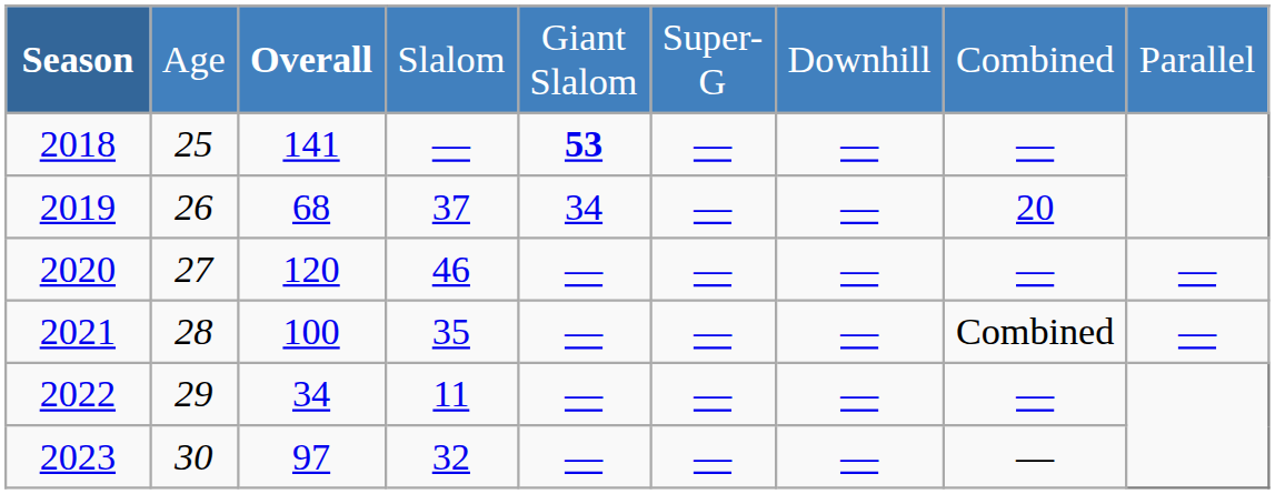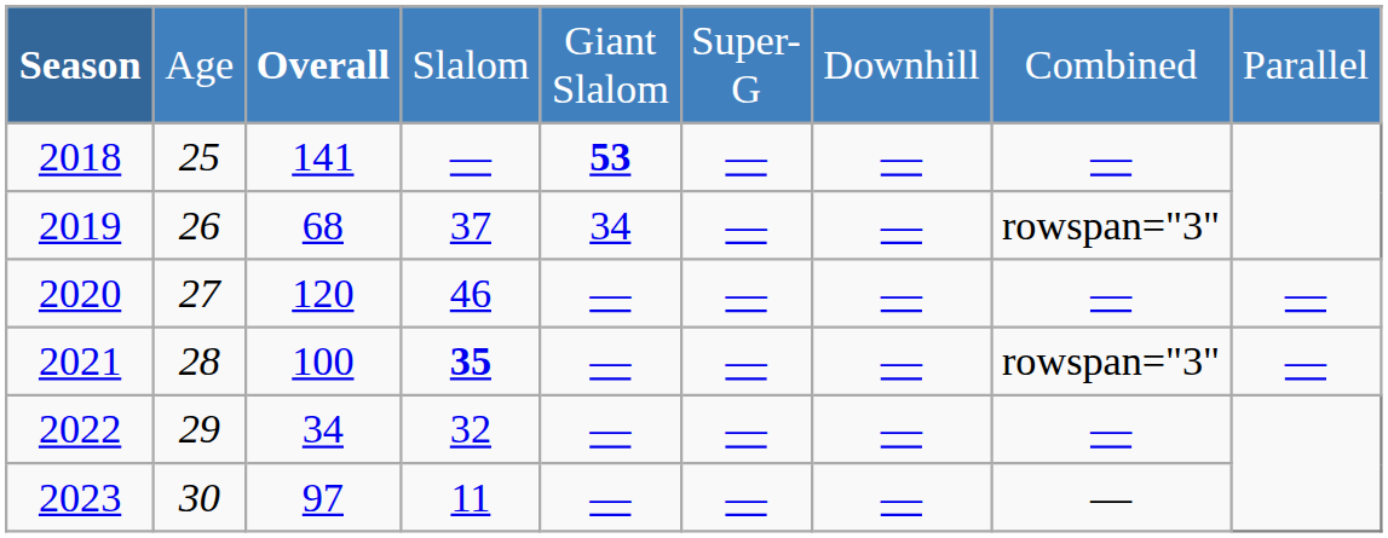 <table class="wikitable" style="font-size:95%; text-align:center; border:grey solid 1px; border-collapse:collapse;" width="40%">
 <tr style="background-color:#369; color:white;">
 <td rowspan="2" colspan="1" width="10%"><strong>Season</strong></td>
 </tr>
 <tr style="background-color:#4180be; color:white;">
 <td width="5%">Age</td>
 <td width="5%"><strong>Overall</strong></td>
 <td width="5%">Slalom</td>
 <td width="5%">Giant<br>Slalom</td>
 <td width="5%">Super-G</td>
 <td width="5%">Downhill</td>
 <td width="5%">Combined</td>
 <td width="5%">Parallel</td>
 </tr>
 <tr style="background-color:#8CB2D8; color:white;">
 </tr>
 <tr>
 <td><a href='#'>2018</a></td>
 <td><em>25</em></td>
 <td><a href='#'>141</a></td>
 <td><a href='#'>—</a></td>
 <td><strong><a href='#'>53</a></strong></td>
 <td><a href='#'>—</a></td>
 <td><a href='#'>—</a></td>
 <td><a href='#'>—</a></td>
 </tr>
 <tr>
 <td><a href='#'>2019</a></td>
 <td><em>26</em></td>
 <td><a href='#'>68</a></td>
 <td><a href='#'>37</a></td>
 <td><a href='#'>34</a></td>
 <td><a href='#'>—</a></td>
 <td><a href='#'>—</a></td>
-<td><a href='#'>20</a></td>
+<td>rowspan="3" </td>
 </tr>
 <tr>
 <td><a href='#'>2020</a></td>
 <td><em>27</em></td>
 <td><a href='#'>120</a></td>
 <td><a href='#'>46</a></td>
 <td><a href='#'>—</a></td>
 <td><a href='#'>—</a></td>
 <td><a href='#'>—</a></td>
 <td><a href='#'>—</a></td>
 <td><a href='#'>—</a></td>
 </tr>
 <tr>
 <td><a href='#'>2021</a></td>
 <td><em>28</em></td>
 <td><a href='#'>100</a></td>
-<td><a href='#'>35</a></td>
+<td><strong><a href='#'>35</a></strong></td>
 <td><a href='#'>—</a></td>
 <td><a href='#'>—</a></td>
 <td><a href='#'>—</a></td>
-<td width="5%">Combined</td>
+<td>rowspan="3" </td>
 <td><a href='#'>—</a></td>
 </tr>
 <tr>
 <td><a href='#'>2022</a></td>
 <td><em>29</em></td>
 <td><a href='#'>34</a></td>
-<td><a href='#'>11</a></td>
+<td><a href='#'>32</a></td>
 <td><a href='#'>—</a></td>
 <td><a href='#'>—</a></td>
 <td><a href='#'>—</a></td>
 <td><a href='#'>—</a></td>
 </tr>
 <tr>
 <td><a href='#'>2023</a></td>
 <td><em>30</em></td>
 <td><a href='#'>97</a></td>
-<td><a href='#'>32</a></td>
+<td><a href='#'>11</a></td>
 <td><a href='#'>—</a></td>
 <td><a href='#'>—</a></td>
 <td><a href='#'>—</a></td>
 <td>—</td>
 </tr>
 </table>
